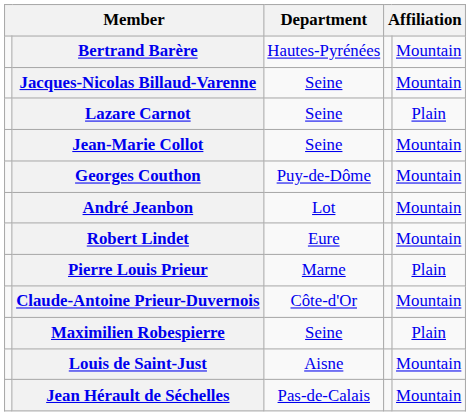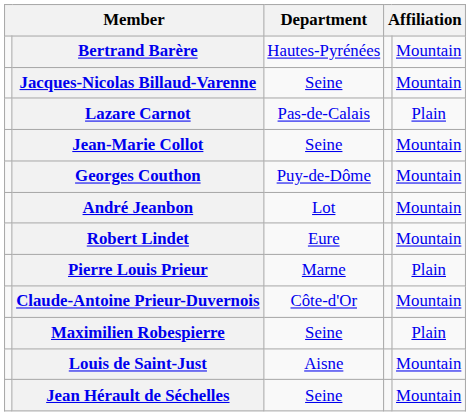 <table class="wikitable" style="line-height:1.4em; text-align:center">
 <tr>
 <th colspan=2>Member</th>
 <th>Department</th>
 <th colspan=2>Affiliation</th>
 </tr>
 <tr>
 <td></td>
 <th><a href='#'>Bertrand Barère</a></th>
 <td><a href='#'>Hautes-Pyrénées</a></td>
 <td></td>
 <td><a href='#'>Mountain</a></td>
 </tr>
 <tr>
 <td></td>
 <th><a href='#'>Jacques-Nicolas Billaud-Varenne</a></th>
 <td><a href='#'>Seine</a></td>
 <td></td>
 <td><a href='#'>Mountain</a></td>
 </tr>
 <tr>
 <td></td>
 <th><a href='#'>Lazare Carnot</a></th>
-<td><a href='#'>Seine</a></td>
+<td><a href='#'>Pas-de-Calais</a></td>
 <td></td>
 <td><a href='#'>Plain</a></td>
 </tr>
 <tr>
 <td></td>
 <th><a href='#'>Jean-Marie Collot</a></th>
 <td><a href='#'>Seine</a></td>
 <td></td>
 <td><a href='#'>Mountain</a></td>
 </tr>
 <tr>
 <td></td>
 <th><a href='#'>Georges Couthon</a><br></th>
 <td><a href='#'>Puy-de-Dôme</a></td>
 <td></td>
 <td><a href='#'>Mountain</a></td>
 </tr>
 <tr>
 <td></td>
 <th><a href='#'>André Jeanbon</a></th>
 <td><a href='#'>Lot</a></td>
 <td></td>
 <td><a href='#'>Mountain</a></td>
 </tr>
 <tr>
 <td></td>
 <th><a href='#'>Robert Lindet</a></th>
 <td><a href='#'>Eure</a></td>
 <td></td>
 <td><a href='#'>Mountain</a></td>
 </tr>
 <tr>
 <td></td>
 <th><a href='#'>Pierre Louis Prieur</a></th>
 <td><a href='#'>Marne</a></td>
 <td></td>
 <td><a href='#'>Plain</a></td>
 </tr>
 <tr>
 <td></td>
 <th><a href='#'>Claude-Antoine Prieur-Duvernois</a></th>
 <td><a href='#'>Côte-d'Or</a></td>
 <td></td>
 <td><a href='#'>Mountain</a></td>
 </tr>
 <tr>
 <td></td>
 <th><a href='#'>Maximilien Robespierre</a><br></th>
 <td><a href='#'>Seine</a></td>
 <td></td>
 <td><a href='#'>Plain</a></td>
 </tr>
 <tr>
 <td></td>
 <th><a href='#'>Louis de Saint-Just</a><br></th>
 <td><a href='#'>Aisne</a></td>
 <td></td>
 <td><a href='#'>Mountain</a></td>
 </tr>
 <tr>
 <td></td>
 <th><a href='#'>Jean Hérault de Séchelles</a><br></th>
-<td><a href='#'>Pas-de-Calais</a></td>
+<td><a href='#'>Seine</a></td>
 <td></td>
 <td><a href='#'>Mountain</a></td>
 </tr>
 </table>
